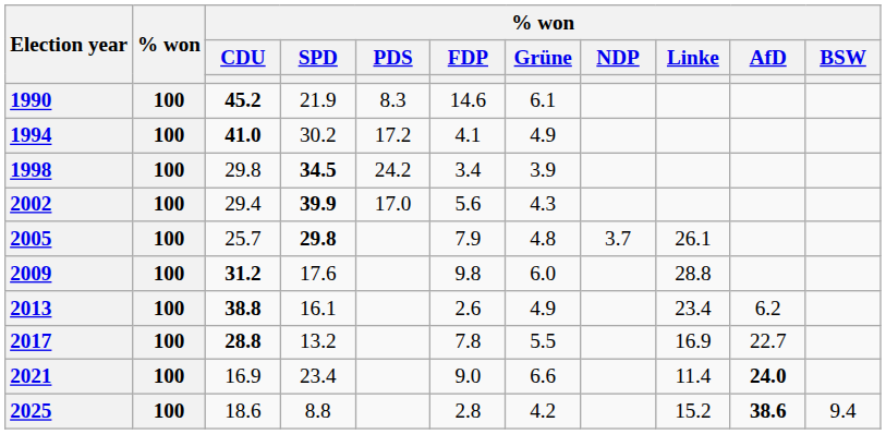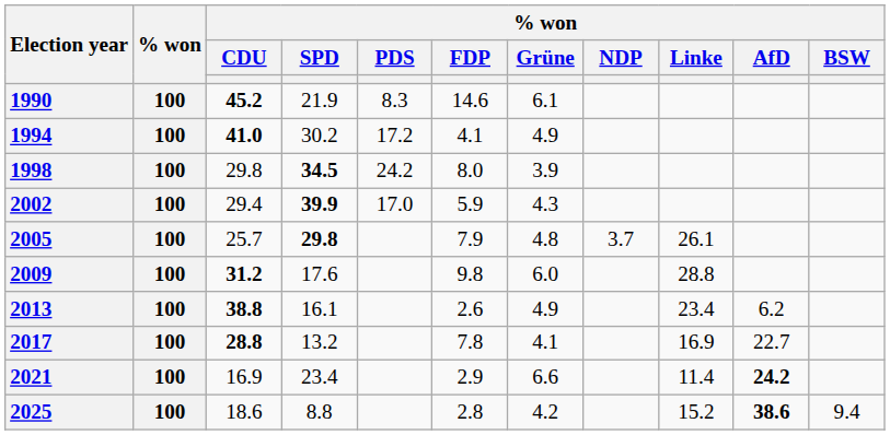 <table class="wikitable" style="text-align:center; font-size: 0.9em;">
 <tr>
 <th rowspan="3">Election year</th>
 <th rowspan="3">% won</th>
 <th colspan="10">% won</th>
 </tr>
 <tr>
 <th class="unsortable" style="width:45px;"><a href='#'>CDU</a></th>
 <th class="unsortable" style="width:45px;"><a href='#'>SPD</a></th>
 <th class="unsortable" style="width:45px;"><a href='#'>PDS</a></th>
 <th class="unsortable" style="width:45px;"><a href='#'>FDP</a></th>
 <th class="unsortable" style="width:45px;"><a href='#'>Grüne</a></th>
 <th class="unsortable" style="width:45px;"><a href='#'>NDP</a></th>
 <th class="unsortable" style="width:45px;"><a href='#'>Linke</a></th>
 <th class="unsortable" style="width:45px;"><a href='#'>AfD</a></th>
 <th class="unsortable" style="width:45px;"><a href='#'>BSW</a></th>
 </tr>
 <tr>
 <th style="background:"></th>
 <th style="background:"></th>
 <th style="background:"></th>
 <th style="background:"></th>
 <th style="background:"></th>
 <th style="background:"></th>
 <th style="background:"></th>
 <th style="background:"></th>
 <th style="background:"></th>
 </tr>
 <tr>
 <th style="text-align: left;"><a href='#'>1990</a></th>
 <th>100</th>
 <td><strong>45.2</strong></td>
 <td>21.9</td>
 <td>8.3</td>
 <td>14.6</td>
 <td>6.1</td>
 <td></td>
 <td></td>
 <td></td>
 <td></td>
 </tr>
 <tr>
 <th style="text-align: left;"><a href='#'>1994</a></th>
 <th>100</th>
 <td><strong>41.0</strong></td>
 <td>30.2</td>
 <td>17.2</td>
 <td>4.1</td>
 <td>4.9</td>
 <td></td>
 <td></td>
 <td></td>
 <td></td>
 </tr>
 <tr>
 <th style="text-align: left;"><a href='#'>1998</a></th>
 <th>100</th>
 <td>29.8</td>
 <td><strong>34.5</strong></td>
 <td>24.2</td>
-<td>3.4</td>
+<td>8.0</td>
 <td>3.9</td>
 <td></td>
 <td></td>
 <td></td>
 <td></td>
 </tr>
 <tr>
 <th style="text-align: left;"><a href='#'>2002</a></th>
 <th>100</th>
 <td>29.4</td>
 <td><strong>39.9</strong></td>
 <td>17.0</td>
-<td>5.6</td>
+<td>5.9</td>
 <td>4.3</td>
 <td></td>
 <td></td>
 <td></td>
 <td></td>
 </tr>
 <tr>
 <th style="text-align: left;"><a href='#'>2005</a></th>
 <th>100</th>
 <td>25.7</td>
 <td><strong>29.8</strong></td>
 <td></td>
 <td>7.9</td>
 <td>4.8</td>
 <td>3.7</td>
 <td>26.1</td>
 <td></td>
 <td></td>
 </tr>
 <tr>
 <th style="text-align: left;"><a href='#'>2009</a></th>
 <th>100</th>
 <td><strong>31.2</strong></td>
 <td>17.6</td>
 <td></td>
 <td>9.8</td>
 <td>6.0</td>
 <td></td>
 <td>28.8</td>
 <td></td>
 <td></td>
 </tr>
 <tr>
 <th style="text-align: left;"><a href='#'>2013</a></th>
 <th>100</th>
 <td><strong>38.8</strong></td>
 <td>16.1</td>
 <td></td>
 <td>2.6</td>
 <td>4.9</td>
 <td></td>
 <td>23.4</td>
 <td>6.2</td>
 <td></td>
 </tr>
 <tr>
 <th style="text-align: left;"><a href='#'>2017</a></th>
 <th>100</th>
 <td><strong>28.8</strong></td>
 <td>13.2</td>
 <td></td>
 <td>7.8</td>
-<td>5.5</td>
+<td>4.1</td>
 <td></td>
 <td>16.9</td>
 <td>22.7</td>
 <td></td>
 </tr>
 <tr>
 <th style="text-align: left;"><a href='#'>2021</a></th>
 <th>100</th>
 <td>16.9</td>
 <td>23.4</td>
 <td></td>
-<td>9.0</td>
+<td>2.9</td>
 <td>6.6</td>
 <td></td>
 <td>11.4</td>
-<td><strong>24.0</strong></td>
+<td><strong>24.2</strong></td>
 <td></td>
 </tr>
 <tr>
 <th style="text-align: left;"><a href='#'>2025</a></th>
 <th>100</th>
 <td>18.6</td>
 <td>8.8</td>
 <td></td>
 <td>2.8</td>
 <td>4.2</td>
 <td></td>
 <td>15.2</td>
 <td><strong>38.6</strong></td>
 <td>9.4</td>
 </tr>
 </table>
